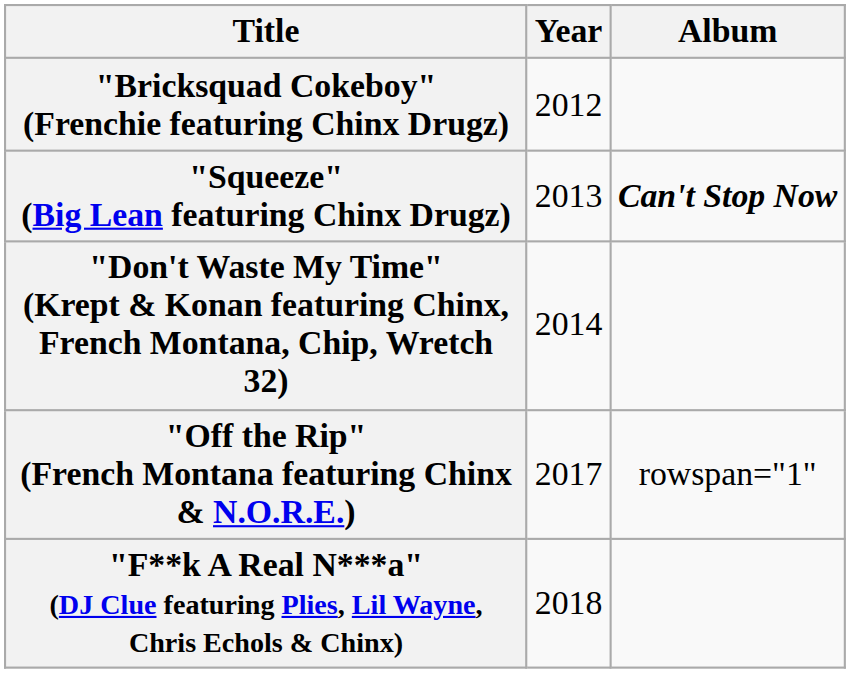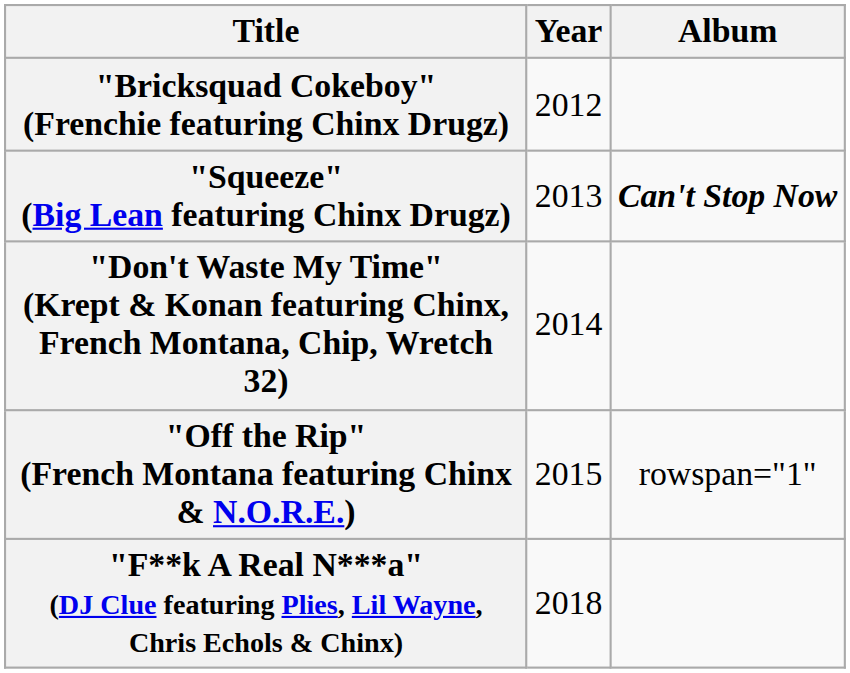 <table class="wikitable plainrowheaders" style="text-align:center;">
 <tr>
 <th scope="col" rowspan="1" style="width:15em;">Title</th>
 <th scope="col" rowspan="1">Year</th>
 <th scope="col" rowspan="1">Album</th>
 </tr>
 <tr>
 <th scope="row">"Bricksquad Cokeboy"<br><span>(Frenchie featuring Chinx Drugz)</span></th>
 <td>2012</td>
 <td></td>
 </tr>
 <tr>
 <th scope="row">"Squeeze"<br><span>(<a href='#'>Big Lean</a> featuring Chinx Drugz)</span></th>
 <td>2013</td>
 <td><strong><em>Can't Stop Now</em></strong></td>
 </tr>
 <tr>
 <th scope="row">"Don't Waste My Time"<br><span>(Krept & Konan featuring Chinx, French Montana, Chip, Wretch 32)</span></th>
 <td>2014</td>
 <td></td>
 </tr>
 <tr>
 <th scope="row">"Off the Rip"<br><span>(French Montana featuring Chinx & <a href='#'>N.O.R.E.</a>)</span></th>
-<td>2017</td>
+<td>2015</td>
 <td>rowspan="1" </td>
 </tr>
 <tr>
 <th scope="row">"F**k A Real N***a"<br><small>(<a href='#'>DJ Clue</a> featuring <a href='#'>Plies</a>, <a href='#'>Lil Wayne</a>, Chris Echols & Chinx)</small></th>
 <td>2018</td>
 <td></td>
 </tr>
 </table>
